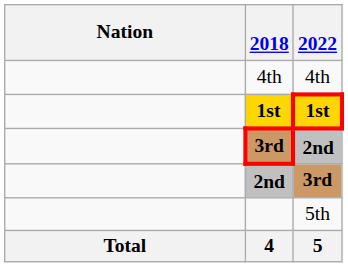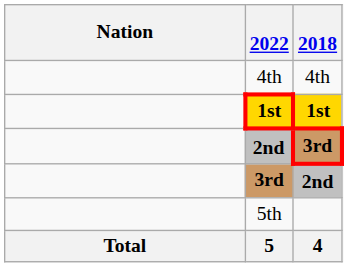 <table class="wikitable" style="text-align:center; font-size:90%">
 <tr>
 <th width=170>Nation</th>
+<th><br><a href='#'>2022</a></th>
 <th><br><a href='#'>2018</a></th>
-<th><br><a href='#'>2022</a></th>
 </tr>
 <tr>
 <td align=left></td>
 <td>4th</td>
 <td>4th</td>
 </tr>
 <tr>
 <td align=left></td>
+<td style="border: 3px solid red" bgcolor=gold><strong>1st</strong></td>
 <td bgcolor=gold><strong>1st</strong></td>
-<td style="border: 3px solid red" bgcolor=gold><strong>1st</strong></td>
 </tr>
 <tr>
 <td align=left></td>
+<td bgcolor=silver><strong>2nd</strong></td>
 <td style="border: 3px solid red" bgcolor=#cc9966><strong>3rd</strong></td>
+</tr>
+<tr>
+<td align=left></td>
+<td bgcolor=#cc9966><strong>3rd</strong></td>
 <td bgcolor=silver><strong>2nd</strong></td>
 </tr>
 <tr>
 <td align=left></td>
-<td bgcolor=silver><strong>2nd</strong></td>
-<td bgcolor=#cc9966><strong>3rd</strong></td>
-</tr>
-<tr>
-<td align=left></td>
+<td>5th</td>
 <td></td>
-<td>5th</td>
 </tr>
 <tr>
 <th>Total</th>
+<th>5</th>
 <th>4</th>
-<th>5</th>
 </tr>
 </table>
